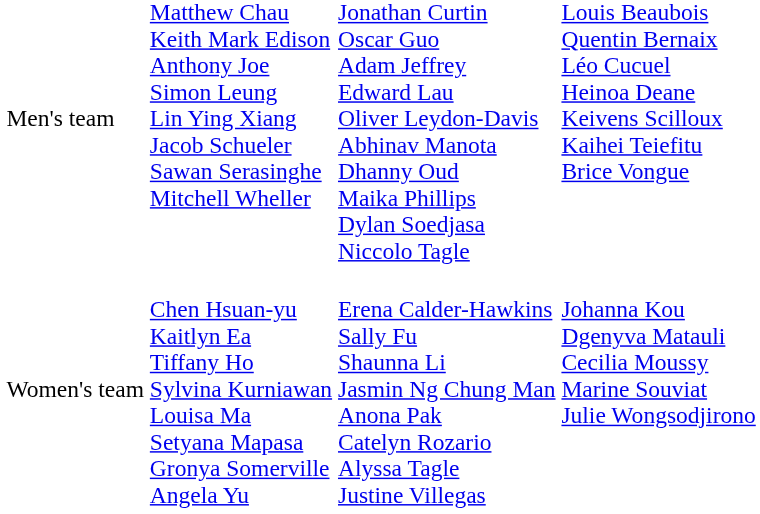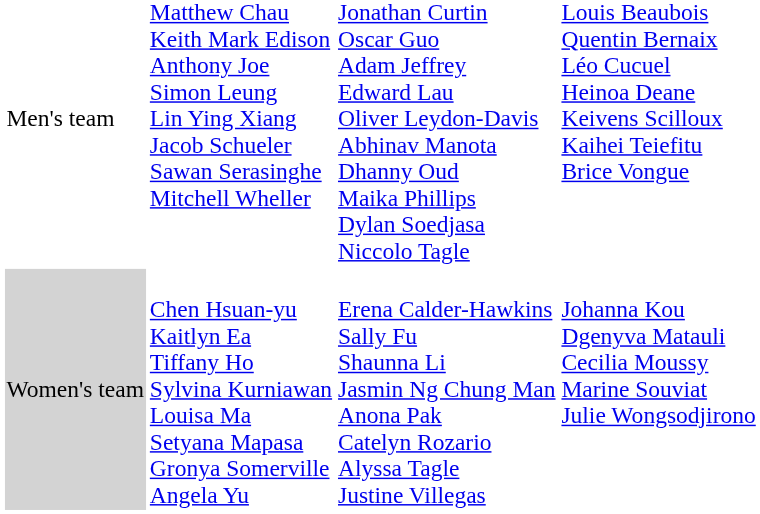 <table>
 <tr>
 <td>Men's team<br></td>
 <td valign="top"><br><a href='#'>Matthew Chau</a><br><a href='#'>Keith Mark Edison</a><br><a href='#'>Anthony Joe</a><br><a href='#'>Simon Leung</a><br><a href='#'>Lin Ying Xiang</a><br><a href='#'>Jacob Schueler</a><br><a href='#'>Sawan Serasinghe</a><br><a href='#'>Mitchell Wheller</a></td>
 <td><br><a href='#'>Jonathan Curtin</a><br><a href='#'>Oscar Guo</a><br><a href='#'>Adam Jeffrey</a><br><a href='#'>Edward Lau</a><br><a href='#'>Oliver Leydon-Davis</a><br><a href='#'>Abhinav Manota</a><br><a href='#'>Dhanny Oud</a><br><a href='#'>Maika Phillips</a><br><a href='#'>Dylan Soedjasa</a><br><a href='#'>Niccolo Tagle</a></td>
 <td valign="top"><br><a href='#'>Louis Beaubois</a><br><a href='#'>Quentin Bernaix</a><br><a href='#'>Léo Cucuel</a><br><a href='#'>Heinoa Deane</a><br><a href='#'>Keivens Scilloux</a><br><a href='#'>Kaihei Teiefitu</a><br><a href='#'>Brice Vongue</a></td>
 </tr>
 <tr>
-<td>Women's team<br></td>
+<td style="background: lightgrey;">Women's team<br></td>
 <td><br><a href='#'>Chen Hsuan-yu</a><br><a href='#'>Kaitlyn Ea</a><br><a href='#'>Tiffany Ho</a><br><a href='#'>Sylvina Kurniawan</a><br><a href='#'>Louisa Ma</a><br><a href='#'>Setyana Mapasa</a><br><a href='#'>Gronya Somerville</a><br><a href='#'>Angela Yu</a></td>
 <td><br><a href='#'>Erena Calder-Hawkins</a><br><a href='#'>Sally Fu</a><br><a href='#'>Shaunna Li</a><br><a href='#'>Jasmin Ng Chung Man</a><br><a href='#'>Anona Pak</a><br><a href='#'>Catelyn Rozario</a><br><a href='#'>Alyssa Tagle</a><br><a href='#'>Justine Villegas</a></td>
 <td valign="top"><br><a href='#'>Johanna Kou</a><br><a href='#'>Dgenyva Matauli</a><br><a href='#'>Cecilia Moussy</a><br><a href='#'>Marine Souviat</a><br><a href='#'>Julie Wongsodjirono</a></td>
 </tr>
 </table>
